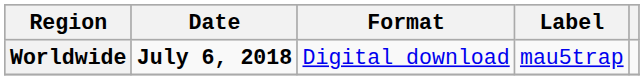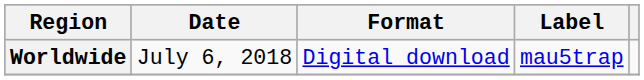 <table class="wikitable plainrowheaders">
 <tr>
 <th>Region</th>
 <th>Date</th>
 <th>Format</th>
 <th>Label</th>
 <th></th>
 </tr>
 <tr>
 <th scope="row" rowspan="1">Worldwide</th>
-<td><strong>July 6, 2018</strong></td>
+<td>July 6, 2018</td>
 <td><a href='#'>Digital download</a></td>
 <td rowspan="1"><a href='#'>mau5trap</a></td>
 <td></td>
 </tr>
 <tr>
 </tr>
 </table>
